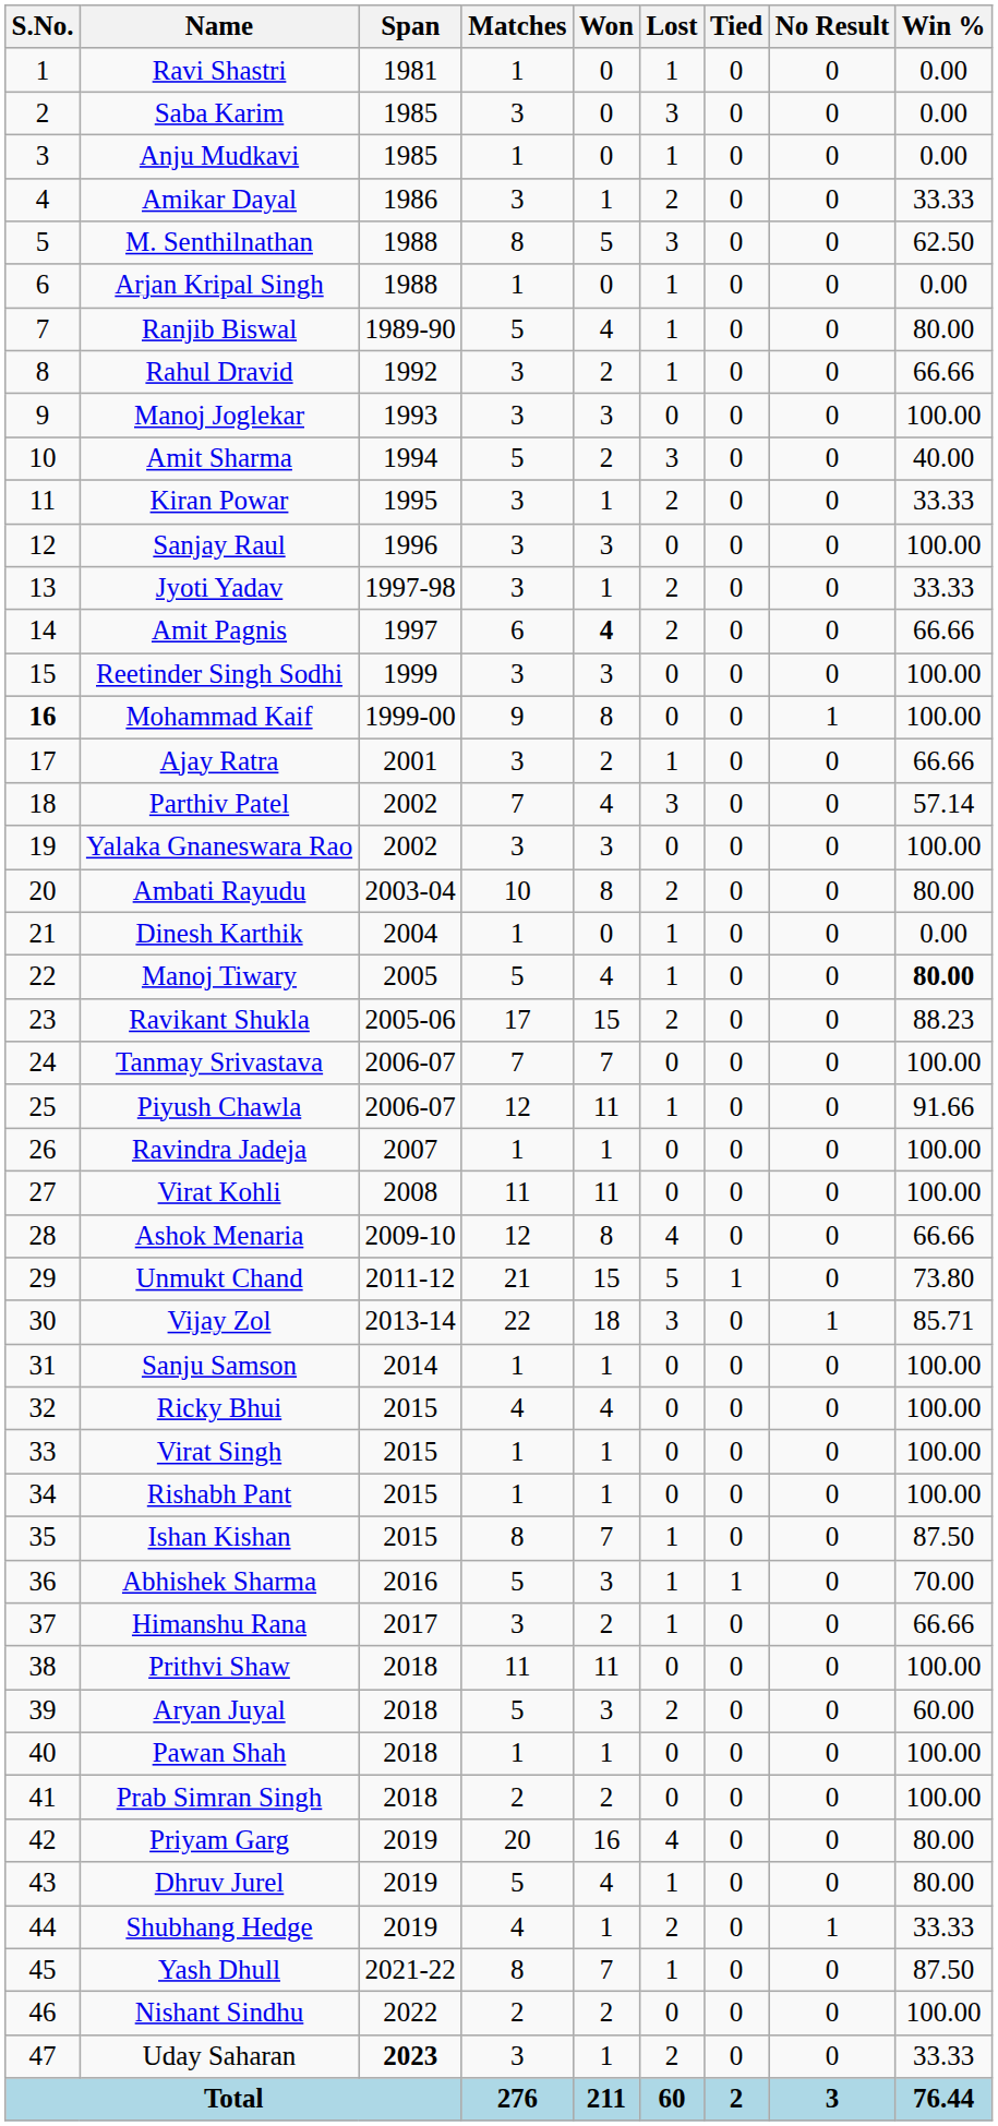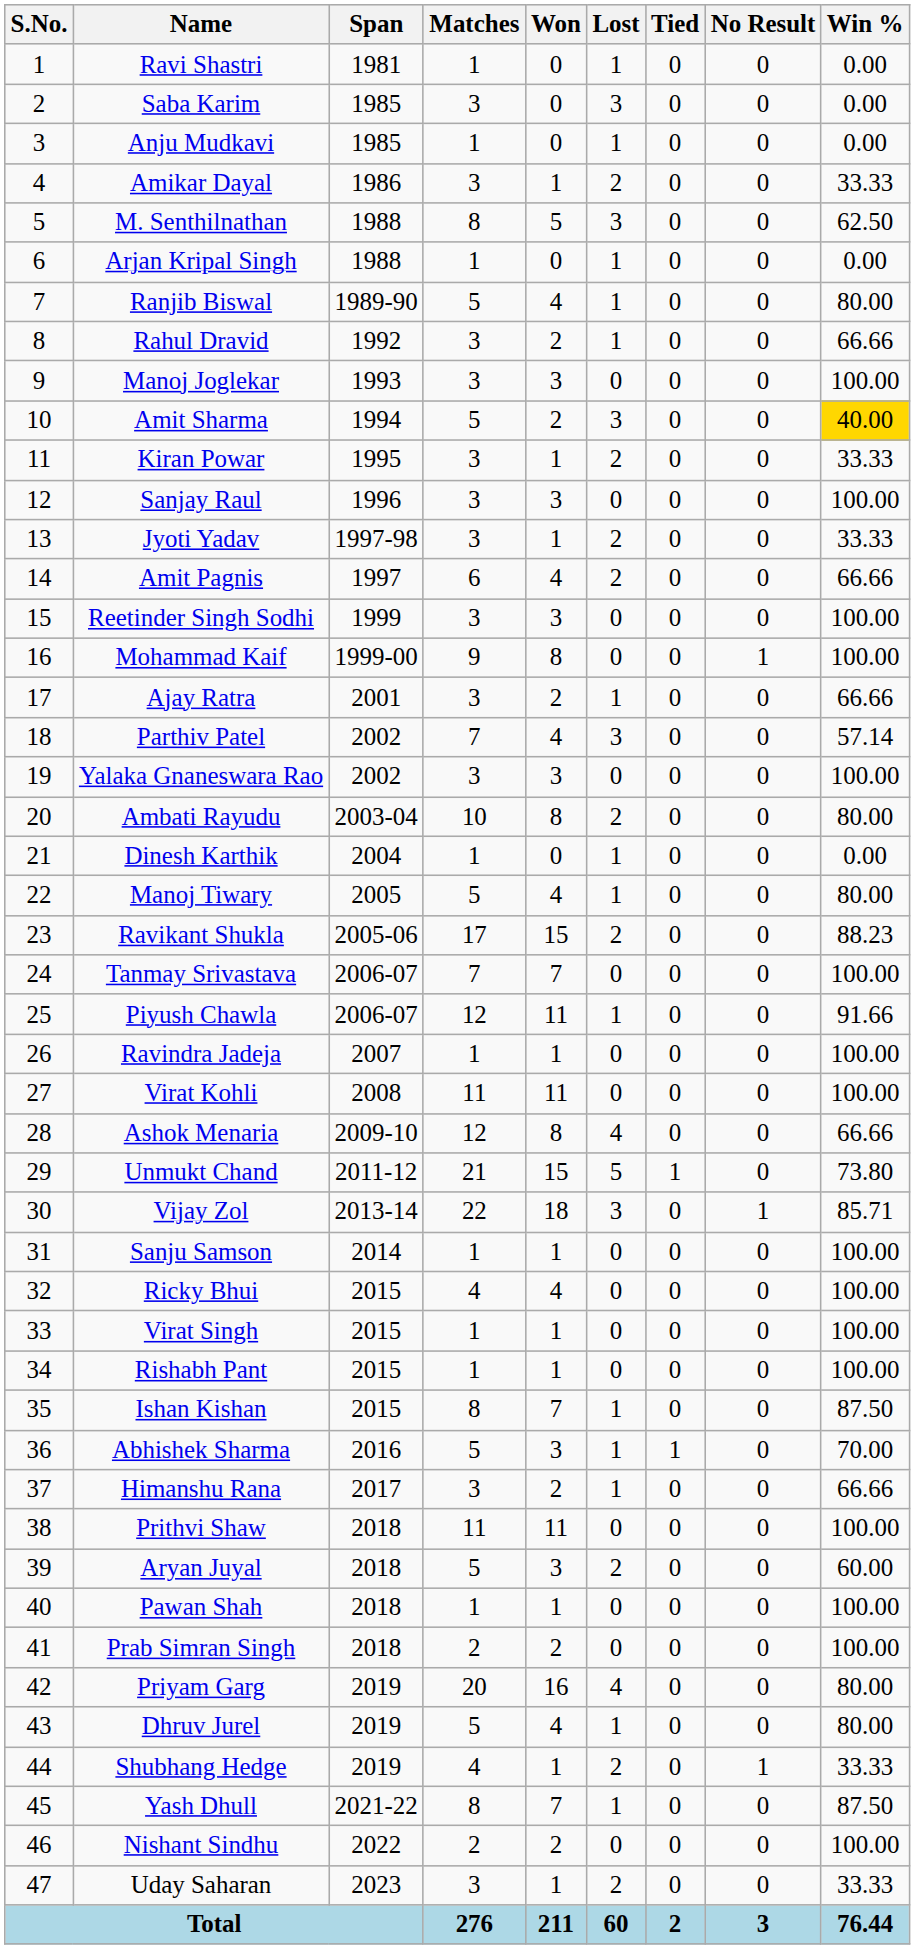 <table class="sortable wikitable"style="text-align:center;"style="font-size: 90%">
 <tr>
 <th>S.No.</th>
 <th>Name</th>
 <th>Span</th>
 <th>Matches</th>
 <th>Won</th>
 <th>Lost</th>
 <th>Tied</th>
 <th>No Result</th>
 <th>Win %</th>
 </tr>
 <tr>
 <td>1</td>
 <td><a href='#'>Ravi Shastri</a></td>
 <td>1981</td>
 <td>1</td>
 <td>0</td>
 <td>1</td>
 <td>0</td>
 <td>0</td>
 <td>0.00</td>
 </tr>
 <tr>
 <td>2</td>
 <td><a href='#'>Saba Karim</a></td>
 <td>1985</td>
 <td>3</td>
 <td>0</td>
 <td>3</td>
 <td>0</td>
 <td>0</td>
 <td>0.00</td>
 </tr>
 <tr>
 <td>3</td>
 <td><a href='#'>Anju Mudkavi</a></td>
 <td>1985</td>
 <td>1</td>
 <td>0</td>
 <td>1</td>
 <td>0</td>
 <td>0</td>
 <td>0.00</td>
 </tr>
 <tr>
 <td>4</td>
 <td><a href='#'>Amikar Dayal</a></td>
 <td>1986</td>
 <td>3</td>
 <td>1</td>
 <td>2</td>
 <td>0</td>
 <td>0</td>
 <td>33.33</td>
 </tr>
 <tr>
 <td>5</td>
 <td><a href='#'>M. Senthilnathan</a></td>
 <td>1988</td>
 <td>8</td>
 <td>5</td>
 <td>3</td>
 <td>0</td>
 <td>0</td>
 <td>62.50</td>
 </tr>
 <tr>
 <td>6</td>
 <td><a href='#'>Arjan Kripal Singh</a></td>
 <td>1988</td>
 <td>1</td>
 <td>0</td>
 <td>1</td>
 <td>0</td>
 <td>0</td>
 <td>0.00</td>
 </tr>
 <tr>
 <td>7</td>
 <td><a href='#'>Ranjib Biswal</a></td>
 <td>1989-90</td>
 <td>5</td>
 <td>4</td>
 <td>1</td>
 <td>0</td>
 <td>0</td>
 <td>80.00</td>
 </tr>
 <tr>
 <td>8</td>
 <td><a href='#'>Rahul Dravid</a></td>
 <td>1992</td>
 <td>3</td>
 <td>2</td>
 <td>1</td>
 <td>0</td>
 <td>0</td>
 <td>66.66</td>
 </tr>
 <tr>
 <td>9</td>
 <td><a href='#'>Manoj Joglekar</a></td>
 <td>1993</td>
 <td>3</td>
 <td>3</td>
 <td>0</td>
 <td>0</td>
 <td>0</td>
 <td>100.00</td>
 </tr>
 <tr>
 <td>10</td>
 <td><a href='#'>Amit Sharma</a></td>
 <td>1994</td>
 <td>5</td>
 <td>2</td>
 <td>3</td>
 <td>0</td>
 <td>0</td>
-<td>40.00</td>
+<td style="background: gold;">40.00</td>
 </tr>
 <tr>
 <td>11</td>
 <td><a href='#'>Kiran Powar</a></td>
 <td>1995</td>
 <td>3</td>
 <td>1</td>
 <td>2</td>
 <td>0</td>
 <td>0</td>
 <td>33.33</td>
 </tr>
 <tr>
 <td>12</td>
 <td><a href='#'>Sanjay Raul</a></td>
 <td>1996</td>
 <td>3</td>
 <td>3</td>
 <td>0</td>
 <td>0</td>
 <td>0</td>
 <td>100.00</td>
 </tr>
 <tr>
 <td>13</td>
 <td><a href='#'>Jyoti Yadav</a></td>
 <td>1997-98</td>
 <td>3</td>
 <td>1</td>
 <td>2</td>
 <td>0</td>
 <td>0</td>
 <td>33.33</td>
 </tr>
 <tr>
 <td>14</td>
 <td><a href='#'>Amit Pagnis</a></td>
 <td>1997</td>
 <td>6</td>
-<td><strong>4</strong></td>
+<td>4</td>
 <td>2</td>
 <td>0</td>
 <td>0</td>
 <td>66.66</td>
 </tr>
 <tr>
 <td>15</td>
 <td><a href='#'>Reetinder Singh Sodhi</a></td>
 <td>1999</td>
 <td>3</td>
 <td>3</td>
 <td>0</td>
 <td>0</td>
 <td>0</td>
 <td>100.00</td>
 </tr>
 <tr>
-<td><strong>16</strong></td>
+<td>16</td>
 <td><a href='#'>Mohammad Kaif</a></td>
 <td>1999-00</td>
 <td>9</td>
 <td>8</td>
 <td>0</td>
 <td>0</td>
 <td>1</td>
 <td>100.00</td>
 </tr>
 <tr>
 <td>17</td>
 <td><a href='#'>Ajay Ratra</a></td>
 <td>2001</td>
 <td>3</td>
 <td>2</td>
 <td>1</td>
 <td>0</td>
 <td>0</td>
 <td>66.66</td>
 </tr>
 <tr>
 <td>18</td>
 <td><a href='#'>Parthiv Patel</a></td>
 <td>2002</td>
 <td>7</td>
 <td>4</td>
 <td>3</td>
 <td>0</td>
 <td>0</td>
 <td>57.14</td>
 </tr>
 <tr>
 <td>19</td>
 <td><a href='#'>Yalaka Gnaneswara Rao</a></td>
 <td>2002</td>
 <td>3</td>
 <td>3</td>
 <td>0</td>
 <td>0</td>
 <td>0</td>
 <td>100.00</td>
 </tr>
 <tr>
 <td>20</td>
 <td><a href='#'>Ambati Rayudu</a></td>
 <td>2003-04</td>
 <td>10</td>
 <td>8</td>
 <td>2</td>
 <td>0</td>
 <td>0</td>
 <td>80.00</td>
 </tr>
 <tr>
 <td>21</td>
 <td><a href='#'>Dinesh Karthik</a></td>
 <td>2004</td>
 <td>1</td>
 <td>0</td>
 <td>1</td>
 <td>0</td>
 <td>0</td>
 <td>0.00</td>
 </tr>
 <tr>
 <td>22</td>
 <td><a href='#'>Manoj Tiwary</a></td>
 <td>2005</td>
 <td>5</td>
 <td>4</td>
 <td>1</td>
 <td>0</td>
 <td>0</td>
-<td><strong>80.00</strong></td>
+<td>80.00</td>
 </tr>
 <tr>
 <td>23</td>
 <td><a href='#'>Ravikant Shukla</a></td>
 <td>2005-06</td>
 <td>17</td>
 <td>15</td>
 <td>2</td>
 <td>0</td>
 <td>0</td>
 <td>88.23</td>
 </tr>
 <tr>
 <td>24</td>
 <td><a href='#'>Tanmay Srivastava</a></td>
 <td>2006-07</td>
 <td>7</td>
 <td>7</td>
 <td>0</td>
 <td>0</td>
 <td>0</td>
 <td>100.00</td>
 </tr>
 <tr>
 <td>25</td>
 <td><a href='#'>Piyush Chawla</a></td>
 <td>2006-07</td>
 <td>12</td>
 <td>11</td>
 <td>1</td>
 <td>0</td>
 <td>0</td>
 <td>91.66</td>
 </tr>
 <tr>
 <td>26</td>
 <td><a href='#'>Ravindra Jadeja</a></td>
 <td>2007</td>
 <td>1</td>
 <td>1</td>
 <td>0</td>
 <td>0</td>
 <td>0</td>
 <td>100.00</td>
 </tr>
 <tr>
 <td>27</td>
 <td><a href='#'>Virat Kohli</a></td>
 <td>2008</td>
 <td>11</td>
 <td>11</td>
 <td>0</td>
 <td>0</td>
 <td>0</td>
 <td>100.00</td>
 </tr>
 <tr>
 <td>28</td>
 <td><a href='#'>Ashok Menaria</a></td>
 <td>2009-10</td>
 <td>12</td>
 <td>8</td>
 <td>4</td>
 <td>0</td>
 <td>0</td>
 <td>66.66</td>
 </tr>
 <tr>
 <td>29</td>
 <td><a href='#'>Unmukt Chand</a></td>
 <td>2011-12</td>
 <td>21</td>
 <td>15</td>
 <td>5</td>
 <td>1</td>
 <td>0</td>
 <td>73.80</td>
 </tr>
 <tr>
 <td>30</td>
 <td><a href='#'>Vijay Zol</a></td>
 <td>2013-14</td>
 <td>22</td>
 <td>18</td>
 <td>3</td>
 <td>0</td>
 <td>1</td>
 <td>85.71</td>
 </tr>
 <tr>
 <td>31</td>
 <td><a href='#'>Sanju Samson</a></td>
 <td>2014</td>
 <td>1</td>
 <td>1</td>
 <td>0</td>
 <td>0</td>
 <td>0</td>
 <td>100.00</td>
 </tr>
 <tr>
 <td>32</td>
 <td><a href='#'>Ricky Bhui</a></td>
 <td>2015</td>
 <td>4</td>
 <td>4</td>
 <td>0</td>
 <td>0</td>
 <td>0</td>
 <td>100.00</td>
 </tr>
 <tr>
 <td>33</td>
 <td><a href='#'>Virat Singh</a></td>
 <td>2015</td>
 <td>1</td>
 <td>1</td>
 <td>0</td>
 <td>0</td>
 <td>0</td>
 <td>100.00</td>
 </tr>
 <tr>
 <td>34</td>
 <td><a href='#'>Rishabh Pant</a></td>
 <td>2015</td>
 <td>1</td>
 <td>1</td>
 <td>0</td>
 <td>0</td>
 <td>0</td>
 <td>100.00</td>
 </tr>
 <tr>
 <td>35</td>
 <td><a href='#'>Ishan Kishan</a></td>
 <td>2015</td>
 <td>8</td>
 <td>7</td>
 <td>1</td>
 <td>0</td>
 <td>0</td>
 <td>87.50</td>
 </tr>
 <tr>
 <td>36</td>
 <td><a href='#'>Abhishek Sharma</a></td>
 <td>2016</td>
 <td>5</td>
 <td>3</td>
 <td>1</td>
 <td>1</td>
 <td>0</td>
 <td>70.00</td>
 </tr>
 <tr>
 <td>37</td>
 <td><a href='#'>Himanshu Rana</a></td>
 <td>2017</td>
 <td>3</td>
 <td>2</td>
 <td>1</td>
 <td>0</td>
 <td>0</td>
 <td>66.66</td>
 </tr>
 <tr>
 <td>38</td>
 <td><a href='#'>Prithvi Shaw</a></td>
 <td>2018</td>
 <td>11</td>
 <td>11</td>
 <td>0</td>
 <td>0</td>
 <td>0</td>
 <td>100.00</td>
 </tr>
 <tr>
 <td>39</td>
 <td><a href='#'>Aryan Juyal</a></td>
 <td>2018</td>
 <td>5</td>
 <td>3</td>
 <td>2</td>
 <td>0</td>
 <td>0</td>
 <td>60.00</td>
 </tr>
 <tr>
 <td>40</td>
 <td><a href='#'>Pawan Shah</a></td>
 <td>2018</td>
 <td>1</td>
 <td>1</td>
 <td>0</td>
 <td>0</td>
 <td>0</td>
 <td>100.00</td>
 </tr>
 <tr>
 <td>41</td>
 <td><a href='#'>Prab Simran Singh</a></td>
 <td>2018</td>
 <td>2</td>
 <td>2</td>
 <td>0</td>
 <td>0</td>
 <td>0</td>
 <td>100.00</td>
 </tr>
 <tr>
 <td>42</td>
 <td><a href='#'>Priyam Garg</a></td>
 <td>2019</td>
 <td>20</td>
 <td>16</td>
 <td>4</td>
 <td>0</td>
 <td>0</td>
 <td>80.00</td>
 </tr>
 <tr>
 <td>43</td>
 <td><a href='#'>Dhruv Jurel</a></td>
 <td>2019</td>
 <td>5</td>
 <td>4</td>
 <td>1</td>
 <td>0</td>
 <td>0</td>
 <td>80.00</td>
 </tr>
 <tr>
 <td>44</td>
 <td><a href='#'>Shubhang Hedge</a></td>
 <td>2019</td>
 <td>4</td>
 <td>1</td>
 <td>2</td>
 <td>0</td>
 <td>1</td>
 <td>33.33</td>
 </tr>
 <tr>
 <td>45</td>
 <td><a href='#'>Yash Dhull</a></td>
 <td>2021-22</td>
 <td>8</td>
 <td>7</td>
 <td>1</td>
 <td>0</td>
 <td>0</td>
 <td>87.50</td>
 </tr>
 <tr>
 <td>46</td>
 <td><a href='#'>Nishant Sindhu</a></td>
 <td>2022</td>
 <td>2</td>
 <td>2</td>
 <td>0</td>
 <td>0</td>
 <td>0</td>
 <td>100.00</td>
 </tr>
 <tr>
 <td>47</td>
 <td>Uday Saharan</td>
-<td><strong>2023</strong></td>
+<td>2023</td>
 <td>3</td>
 <td>1</td>
 <td>2</td>
 <td>0</td>
 <td>0</td>
 <td>33.33</td>
 </tr>
 <tr bgcolor="lightblue">
 <td colspan=3><strong>Total</strong></td>
 <td><strong>276</strong></td>
 <td><strong>211</strong></td>
 <td><strong>60</strong></td>
 <td><strong>2</strong></td>
 <td><strong>3</strong></td>
 <td><strong>76.44</strong></td>
 </tr>
 </table>
